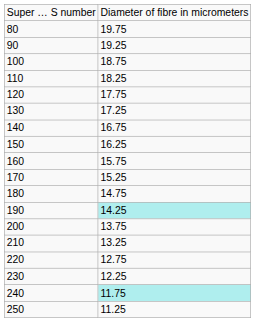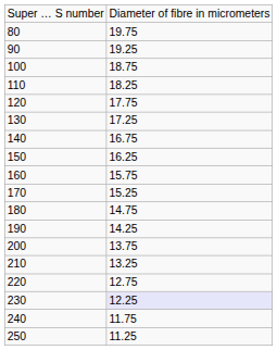 <table class="wikitable">
 <tr>
 <td>Super … S number</td>
 <td>Diameter of fibre in micrometers</td>
 </tr>
 <tr>
 <td>80</td>
 <td>19.75</td>
 </tr>
 <tr>
 <td>90</td>
 <td>19.25</td>
 </tr>
 <tr>
 <td>100</td>
 <td>18.75</td>
 </tr>
 <tr>
 <td>110</td>
 <td>18.25</td>
 </tr>
 <tr>
 <td>120</td>
 <td>17.75</td>
 </tr>
 <tr>
 <td>130</td>
 <td>17.25</td>
 </tr>
 <tr>
 <td>140</td>
 <td>16.75</td>
 </tr>
 <tr>
 <td>150</td>
 <td>16.25</td>
 </tr>
 <tr>
 <td>160</td>
 <td>15.75</td>
 </tr>
 <tr>
 <td>170</td>
 <td>15.25</td>
 </tr>
 <tr>
 <td>180</td>
 <td>14.75</td>
 </tr>
 <tr>
 <td>190</td>
-<td style="background: paleturquoise;">14.25</td>
+<td>14.25</td>
 </tr>
 <tr>
 <td>200</td>
 <td>13.75</td>
 </tr>
 <tr>
 <td>210</td>
 <td>13.25</td>
 </tr>
 <tr>
 <td>220</td>
 <td>12.75</td>
 </tr>
 <tr>
 <td>230</td>
-<td>12.25</td>
+<td style="background: lavender;">12.25</td>
 </tr>
 <tr>
 <td>240</td>
-<td style="background: paleturquoise;">11.75</td>
+<td>11.75</td>
 </tr>
 <tr>
 <td>250</td>
 <td>11.25</td>
 </tr>
 </table>
